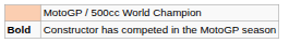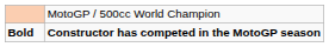 <table class="wikitable">
 <tr>
 <td style="text-align:center; width:47px; background:#FBCEB1;"></td>
 <td>MotoGP / 500cc World Champion</td>
 </tr>
 <tr>
 <td><strong>Bold</strong></td>
-<td>Constructor has competed in the  MotoGP season</td>
+<td><strong>Constructor has competed in the  MotoGP season</strong></td>
 </tr>
 </table>
